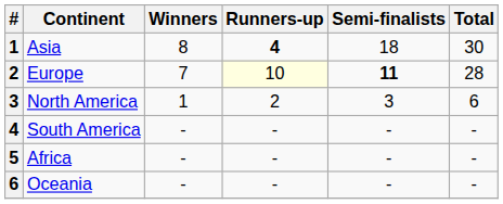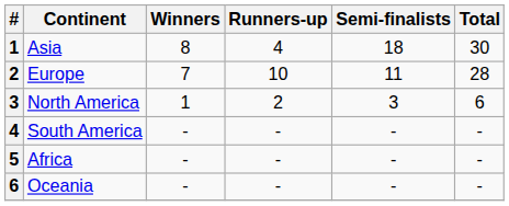 <table class="wikitable sortable plainrowheaders" style="font-size:90%; text-align:center; width:;">
 <tr>
 <th>#</th>
 <th>Continent</th>
 <th>Winners</th>
 <th>Runners-up</th>
 <th>Semi-finalists</th>
 <th>Total</th>
 </tr>
 <tr>
 <th>1</th>
 <td align=left><a href='#'>Asia</a></td>
 <td>8</td>
-<td><strong>4</strong></td>
+<td>4</td>
 <td>18</td>
 <td>30</td>
 </tr>
 <tr>
 <th>2</th>
 <td align=left><a href='#'>Europe</a></td>
 <td>7</td>
-<td style="background: lightyellow;">10</td>
-<td><strong>11</strong></td>
+<td>10</td>
+<td>11</td>
 <td>28</td>
 </tr>
 <tr>
 <th>3</th>
 <td align=left><a href='#'>North America</a></td>
 <td>1</td>
 <td>2</td>
 <td>3</td>
 <td>6</td>
 </tr>
 <tr>
 <th>4</th>
 <td align=left><a href='#'>South America</a></td>
 <td>-</td>
 <td>-</td>
 <td>-</td>
 <td>-</td>
 </tr>
 <tr>
 <th>5</th>
 <td align=left><a href='#'>Africa</a></td>
 <td>-</td>
 <td>-</td>
 <td>-</td>
 <td>-</td>
 </tr>
 <tr>
 <th>6</th>
 <td align=left><a href='#'>Oceania</a></td>
 <td>-</td>
 <td>-</td>
 <td>-</td>
 <td>-</td>
 </tr>
 <tr>
 </tr>
 </table>
